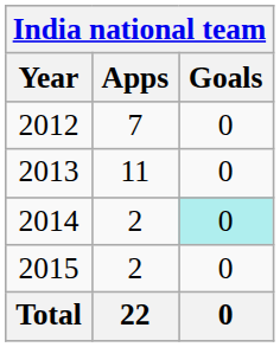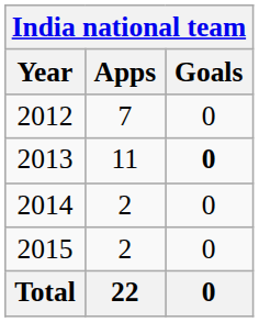 <table class="wikitable" style="text-align:center">
 <tr>
 <th colspan=3><a href='#'>India national team</a></th>
 </tr>
 <tr>
 <th>Year</th>
 <th>Apps</th>
 <th>Goals</th>
 </tr>
 <tr>
 <td>2012</td>
 <td>7</td>
 <td>0</td>
 </tr>
 <tr>
 <td>2013</td>
 <td>11</td>
-<td>0</td>
+<td><strong>0</strong></td>
 </tr>
 <tr>
 <td>2014</td>
 <td>2</td>
-<td style="background: paleturquoise;">0</td>
+<td>0</td>
 </tr>
 <tr>
 <td>2015</td>
 <td>2</td>
 <td>0</td>
 </tr>
 <tr>
 <th>Total</th>
 <th>22</th>
 <th>0</th>
 </tr>
 </table>
